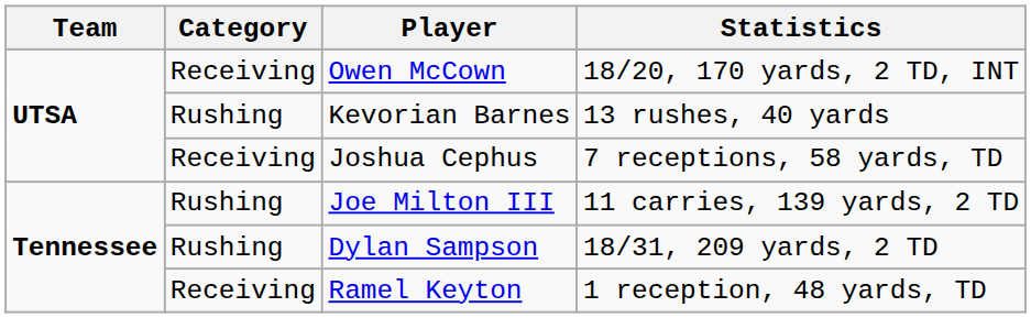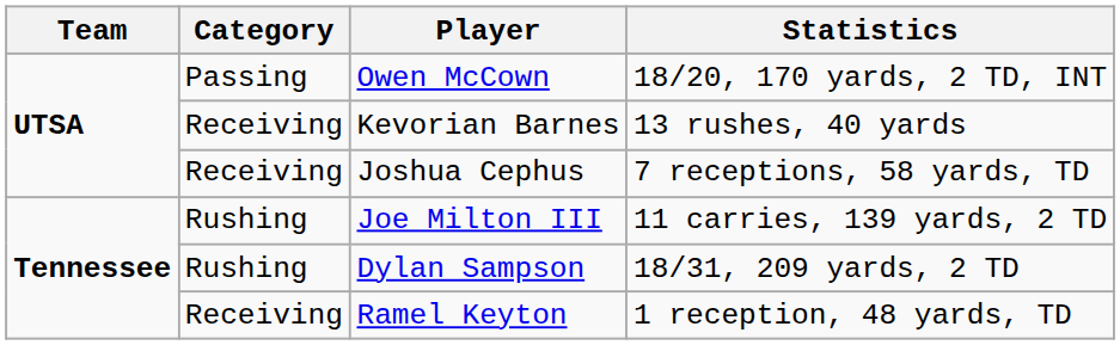 <table class="wikitable" style="float: right;">
 <tr>
 <th>Team</th>
 <th>Category</th>
 <th>Player</th>
 <th>Statistics</th>
 </tr>
 <tr>
 <td rowspan=3><strong>UTSA</strong></td>
-<td>Receiving</td>
+<td>Passing</td>
 <td><a href='#'>Owen McCown</a></td>
 <td>18/20, 170 yards, 2 TD, INT</td>
 </tr>
 <tr>
-<td>Rushing</td>
+<td>Receiving</td>
 <td>Kevorian Barnes</td>
 <td>13 rushes, 40 yards</td>
 </tr>
 <tr>
 <td>Receiving</td>
 <td>Joshua Cephus</td>
 <td>7 receptions, 58 yards, TD</td>
 </tr>
 <tr>
 <td rowspan=3><strong>Tennessee</strong></td>
 <td>Rushing</td>
 <td><a href='#'>Joe Milton III</a></td>
 <td>11 carries, 139 yards, 2 TD</td>
 </tr>
 <tr>
 <td>Rushing</td>
 <td><a href='#'>Dylan Sampson</a></td>
 <td>18/31, 209 yards, 2 TD</td>
 </tr>
 <tr>
 <td>Receiving</td>
 <td><a href='#'>Ramel Keyton</a></td>
 <td>1 reception, 48 yards, TD</td>
 </tr>
 </table>
